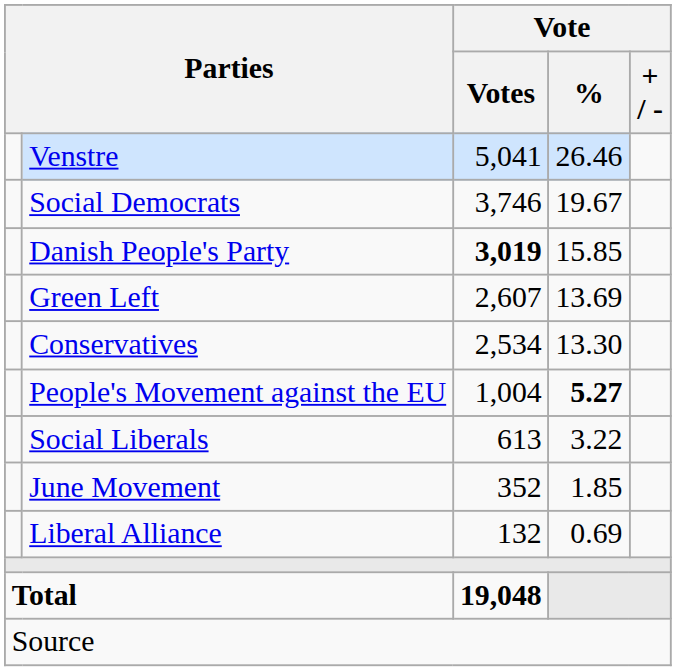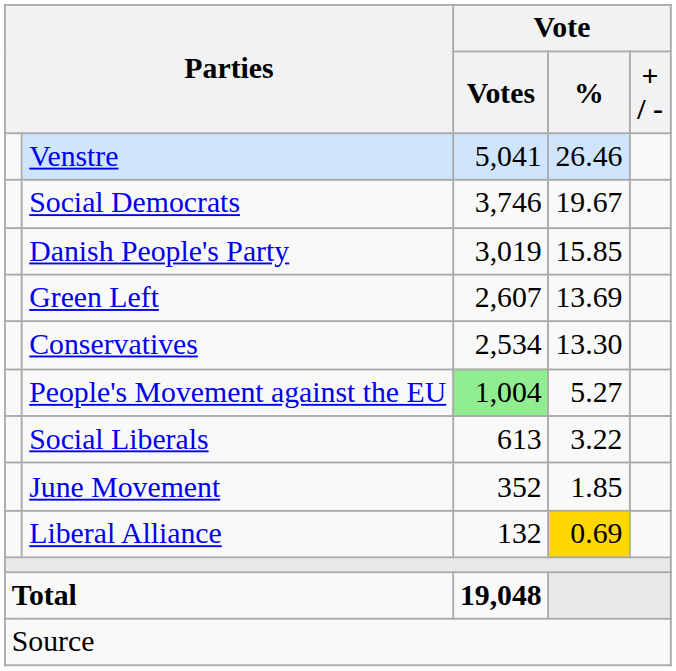 <table class="wikitable" style="text-align:right;">
 <tr>
 <th style="text-align:centre;" rowspan="2" colspan="2" width="225">Parties</th>
 <th colspan="3">Vote</th>
 </tr>
 <tr>
 <th width="15">Votes</th>
 <th width="15">%</th>
 <th width="15">+ / -</th>
 </tr>
 <tr>
 <td width="2" style="color:inherit;background:"></td>
 <td bgcolor=#cfe5fe   align="left"><a href='#'>Venstre</a></td>
 <td bgcolor=#cfe5fe>5,041</td>
 <td bgcolor=#cfe5fe>26.46</td>
 <td></td>
 </tr>
 <tr>
 <td width="2" style="color:inherit;background:"></td>
 <td align="left"><a href='#'>Social Democrats</a></td>
 <td>3,746</td>
 <td>19.67</td>
 <td></td>
 </tr>
 <tr>
 <td width="2" style="color:inherit;background:"></td>
 <td align="left"><a href='#'>Danish People's Party</a></td>
-<td><strong>3,019</strong></td>
+<td>3,019</td>
 <td>15.85</td>
 <td></td>
 </tr>
 <tr>
 <td width="2" style="color:inherit;background:"></td>
 <td align="left"><a href='#'>Green Left</a></td>
 <td>2,607</td>
 <td>13.69</td>
 <td></td>
 </tr>
 <tr>
 <td width="2" style="color:inherit;background:"></td>
 <td align="left"><a href='#'>Conservatives</a></td>
 <td>2,534</td>
 <td>13.30</td>
 <td></td>
 </tr>
 <tr>
 <td width="2" style="color:inherit;background:"></td>
 <td align="left"><a href='#'>People's Movement against the EU</a></td>
-<td>1,004</td>
-<td><strong>5.27</strong></td>
+<td style="background: lightgreen;">1,004</td>
+<td>5.27</td>
 <td></td>
 </tr>
 <tr>
 <td width="2" style="color:inherit;background:"></td>
 <td align="left"><a href='#'>Social Liberals</a></td>
 <td>613</td>
 <td>3.22</td>
 <td></td>
 </tr>
 <tr>
 <td width="2" style="color:inherit;background:"></td>
 <td align="left"><a href='#'>June Movement</a></td>
 <td>352</td>
 <td>1.85</td>
 <td></td>
 </tr>
 <tr>
 <td width="2" style="color:inherit;background:"></td>
 <td align="left"><a href='#'>Liberal Alliance</a></td>
 <td>132</td>
-<td>0.69</td>
+<td style="background: gold;">0.69</td>
 <td></td>
 </tr>
 <tr>
 <td colspan="7" bgcolor="#E9E9E9"></td>
 </tr>
 <tr>
 <td align="left" colspan="2"><strong>Total</strong></td>
 <td><strong>19,048</strong></td>
 <td bgcolor="#E9E9E9" colspan="2"></td>
 </tr>
 <tr>
 <td align="left" colspan="6">Source</td>
 </tr>
 </table>
